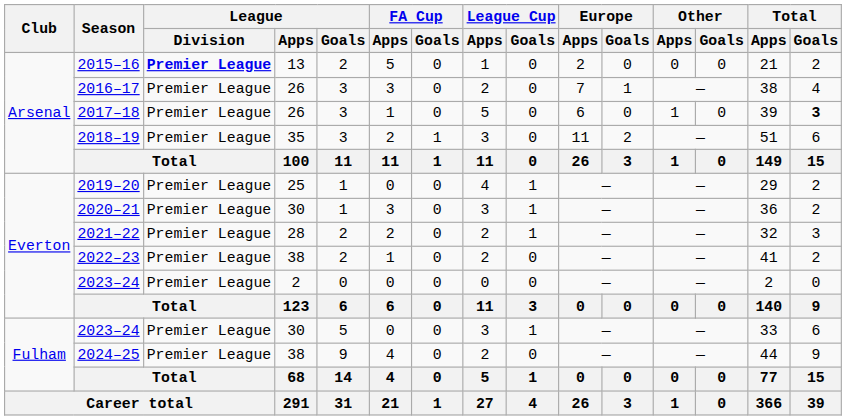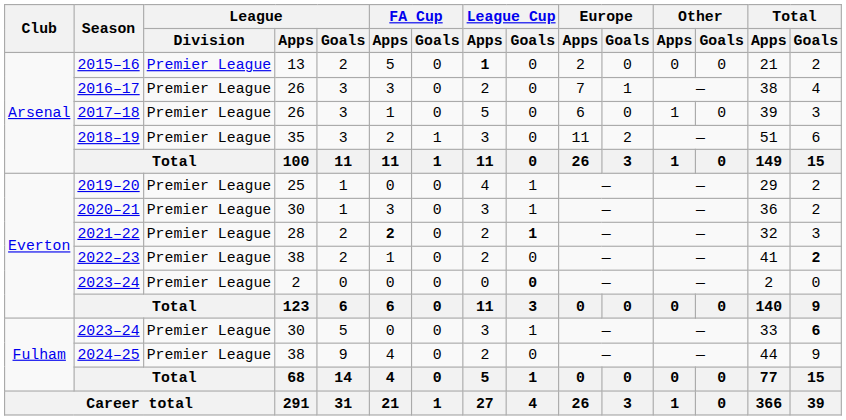 <table class=wikitable style=text-align:center>
 <tr>
 <th rowspan="2">Club</th>
 <th rowspan="2">Season</th>
 <th colspan="3">League</th>
 <th colspan="2"><a href='#'>FA Cup</a></th>
 <th colspan="2"><a href='#'>League Cup</a></th>
 <th colspan="2">Europe</th>
 <th colspan="2">Other</th>
 <th colspan="2">Total</th>
 </tr>
 <tr>
 <th>Division</th>
 <th>Apps</th>
 <th>Goals</th>
 <th>Apps</th>
 <th>Goals</th>
 <th>Apps</th>
 <th>Goals</th>
 <th>Apps</th>
 <th>Goals</th>
 <th>Apps</th>
 <th>Goals</th>
 <th>Apps</th>
 <th>Goals</th>
 </tr>
 <tr>
 <td rowspan="5"><a href='#'>Arsenal</a></td>
 <td><a href='#'>2015–16</a></td>
-<td><strong><a href='#'>Premier League</a></strong></td>
+<td><a href='#'>Premier League</a></td>
 <td>13</td>
 <td>2</td>
 <td>5</td>
 <td>0</td>
-<td>1</td>
+<td><strong>1</strong></td>
 <td>0</td>
 <td>2</td>
 <td>0</td>
 <td>0</td>
 <td>0</td>
 <td>21</td>
 <td>2</td>
 </tr>
 <tr>
 <td><a href='#'>2016–17</a></td>
 <td>Premier League</td>
 <td>26</td>
 <td>3</td>
 <td>3</td>
 <td>0</td>
 <td>2</td>
 <td>0</td>
 <td>7</td>
 <td>1</td>
 <td colspan="2">—</td>
 <td>38</td>
 <td>4</td>
 </tr>
 <tr>
 <td><a href='#'>2017–18</a></td>
 <td>Premier League</td>
 <td>26</td>
 <td>3</td>
 <td>1</td>
 <td>0</td>
 <td>5</td>
 <td>0</td>
 <td>6</td>
 <td>0</td>
 <td>1</td>
 <td>0</td>
 <td>39</td>
-<td><strong>3</strong></td>
+<td>3</td>
 </tr>
 <tr>
 <td><a href='#'>2018–19</a></td>
 <td>Premier League</td>
 <td>35</td>
 <td>3</td>
 <td>2</td>
 <td>1</td>
 <td>3</td>
 <td>0</td>
 <td>11</td>
 <td>2</td>
 <td colspan="2">—</td>
 <td>51</td>
 <td>6</td>
 </tr>
 <tr>
 <th colspan="2">Total</th>
 <th>100</th>
 <th>11</th>
 <th>11</th>
 <th>1</th>
 <th>11</th>
 <th>0</th>
 <th>26</th>
 <th>3</th>
 <th>1</th>
 <th>0</th>
 <th>149</th>
 <th>15</th>
 </tr>
 <tr>
 <td rowspan="6"><a href='#'>Everton</a></td>
 <td><a href='#'>2019–20</a></td>
 <td>Premier League</td>
 <td>25</td>
 <td>1</td>
 <td>0</td>
 <td>0</td>
 <td>4</td>
 <td>1</td>
 <td colspan="2">—</td>
 <td colspan="2">—</td>
 <td>29</td>
 <td>2</td>
 </tr>
 <tr>
 <td><a href='#'>2020–21</a></td>
 <td>Premier League</td>
 <td>30</td>
 <td>1</td>
 <td>3</td>
 <td>0</td>
 <td>3</td>
 <td>1</td>
 <td colspan="2">—</td>
 <td colspan="2">—</td>
 <td>36</td>
 <td>2</td>
 </tr>
 <tr>
 <td><a href='#'>2021–22</a></td>
 <td>Premier League</td>
 <td>28</td>
 <td>2</td>
-<td>2</td>
+<td><strong>2</strong></td>
 <td>0</td>
 <td>2</td>
-<td>1</td>
+<td><strong>1</strong></td>
 <td colspan="2">—</td>
 <td colspan="2">—</td>
 <td>32</td>
 <td>3</td>
 </tr>
 <tr>
 <td><a href='#'>2022–23</a></td>
 <td>Premier League</td>
 <td>38</td>
 <td>2</td>
 <td>1</td>
 <td>0</td>
 <td>2</td>
 <td>0</td>
 <td colspan="2">—</td>
 <td colspan="2">—</td>
 <td>41</td>
-<td>2</td>
+<td><strong>2</strong></td>
 </tr>
 <tr>
 <td><a href='#'>2023–24</a></td>
 <td>Premier League</td>
 <td>2</td>
 <td>0</td>
 <td>0</td>
 <td>0</td>
 <td>0</td>
-<td>0</td>
+<td><strong>0</strong></td>
 <td colspan="2">—</td>
 <td colspan="2">—</td>
 <td>2</td>
 <td>0</td>
 </tr>
 <tr>
 <th colspan="2">Total</th>
 <th>123</th>
 <th>6</th>
 <th>6</th>
 <th>0</th>
 <th>11</th>
 <th>3</th>
 <th>0</th>
 <th>0</th>
 <th>0</th>
 <th>0</th>
 <th>140</th>
 <th>9</th>
 </tr>
 <tr>
 <td rowspan=3><a href='#'>Fulham</a></td>
 <td><a href='#'>2023–24</a></td>
 <td>Premier League</td>
 <td>30</td>
 <td>5</td>
 <td>0</td>
 <td>0</td>
 <td>3</td>
 <td>1</td>
 <td colspan="2">—</td>
 <td colspan="2">—</td>
 <td>33</td>
-<td>6</td>
+<td><strong>6</strong></td>
 </tr>
 <tr>
 <td><a href='#'>2024–25</a></td>
 <td>Premier League</td>
 <td>38</td>
 <td>9</td>
 <td>4</td>
 <td>0</td>
 <td>2</td>
 <td>0</td>
 <td colspan="2">—</td>
 <td colspan="2">—</td>
 <td>44</td>
 <td>9</td>
 </tr>
 <tr>
 <th colspan="2">Total</th>
 <th>68</th>
 <th>14</th>
 <th>4</th>
 <th>0</th>
 <th>5</th>
 <th>1</th>
 <th>0</th>
 <th>0</th>
 <th>0</th>
 <th>0</th>
 <th>77</th>
 <th>15</th>
 </tr>
 <tr>
 <th colspan="3">Career total</th>
 <th>291</th>
 <th>31</th>
 <th>21</th>
 <th>1</th>
 <th>27</th>
 <th>4</th>
 <th>26</th>
 <th>3</th>
 <th>1</th>
 <th>0</th>
 <th>366</th>
 <th>39</th>
 </tr>
 </table>
